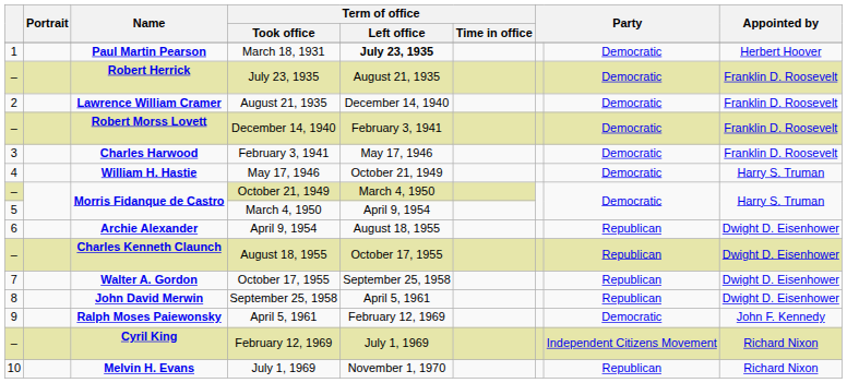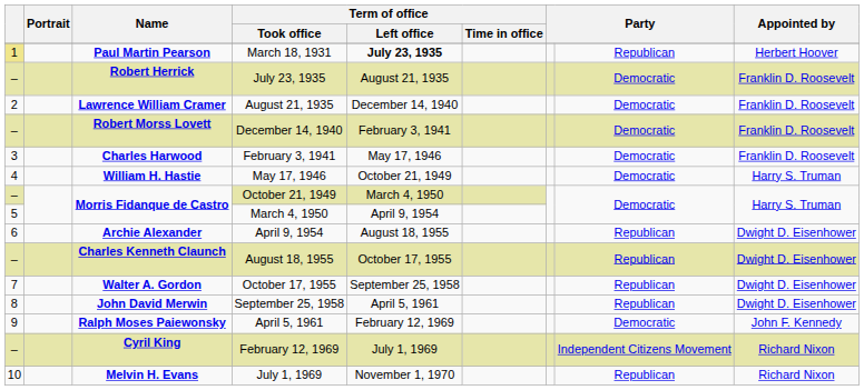 <table class="wikitable" style="text-align:center">
 <tr>
 <th rowspan=2></th>
 <th rowspan=2>Portrait</th>
 <th rowspan=2>Name<br></th>
 <th colspan=3>Term of office</th>
 <th colspan=2 rowspan=2>Party</th>
 <th rowspan=2>Appointed by</th>
 </tr>
 <tr>
 <th>Took office</th>
 <th>Left office</th>
 <th>Time in office</th>
 </tr>
 <tr>
 </tr>
 <tr>
-<td>1</td>
+<td style="background: khaki;">1</td>
 <td></td>
 <td><strong><a href='#'>Paul Martin Pearson</a></strong><br></td>
 <td>March 18, 1931</td>
 <td><strong>July 23, 1935</strong></td>
 <td></td>
 <td style="background: "> </td>
-<td><a href='#'>Democratic</a></td>
+<td><a href='#'>Republican</a></td>
 <td><a href='#'>Herbert Hoover</a></td>
 </tr>
 <tr style="background:#e6e6aa;">
 <td>–</td>
 <td></td>
 <td><strong><a href='#'>Robert Herrick</a></strong><br> <br> </td>
 <td>July 23, 1935</td>
 <td>August 21, 1935</td>
 <td></td>
 <td style="background: "> </td>
 <td><a href='#'>Democratic</a></td>
 <td><a href='#'>Franklin D. Roosevelt</a></td>
 </tr>
 <tr>
 <td>2</td>
 <td></td>
 <td><strong><a href='#'>Lawrence William Cramer</a></strong><br></td>
 <td>August 21, 1935</td>
 <td>December 14, 1940</td>
 <td></td>
 <td style="background: "> </td>
 <td><a href='#'>Democratic</a></td>
 <td><a href='#'>Franklin D. Roosevelt</a></td>
 </tr>
 <tr style="background:#e6e6aa;">
 <td>–</td>
 <td></td>
 <td><strong><a href='#'>Robert Morss Lovett</a></strong><br> <br> </td>
 <td>December 14, 1940</td>
 <td>February 3, 1941</td>
 <td></td>
 <td style="background: "> </td>
 <td><a href='#'>Democratic</a></td>
 <td><a href='#'>Franklin D. Roosevelt</a></td>
 </tr>
 <tr>
 <td>3</td>
 <td></td>
 <td><strong><a href='#'>Charles Harwood</a></strong><br></td>
 <td>February 3, 1941</td>
 <td>May 17, 1946</td>
 <td></td>
 <td style="background: "> </td>
 <td><a href='#'>Democratic</a></td>
 <td><a href='#'>Franklin D. Roosevelt</a></td>
 </tr>
 <tr>
 <td>4</td>
 <td></td>
 <td><strong><a href='#'>William H. Hastie</a></strong><br></td>
 <td>May 17, 1946</td>
 <td>October 21, 1949</td>
 <td></td>
 <td style="background: "> </td>
 <td><a href='#'>Democratic</a></td>
 <td><a href='#'>Harry S. Truman</a></td>
 </tr>
 <tr>
 <td style="background:#e6e6aa;">–</td>
 <td rowspan=2></td>
 <td rowspan=2><strong><a href='#'>Morris Fidanque de Castro</a></strong><br></td>
 <td style="background:#e6e6aa;">October 21, 1949</td>
 <td style="background:#e6e6aa;">March 4, 1950</td>
 <td style="background:#e6e6aa;"></td>
 <td rowspan=2 style="background: "> </td>
 <td rowspan=2><a href='#'>Democratic</a></td>
 <td rowspan=2><a href='#'>Harry S. Truman</a></td>
 </tr>
 <tr>
 <td>5</td>
 <td>March 4, 1950</td>
 <td>April 9, 1954</td>
 <td></td>
 </tr>
 <tr>
 <td>6</td>
 <td></td>
 <td><strong><a href='#'>Archie Alexander</a></strong><br></td>
 <td>April 9, 1954</td>
 <td>August 18, 1955</td>
 <td></td>
 <td style="background: "> </td>
 <td><a href='#'>Republican</a></td>
 <td><a href='#'>Dwight D. Eisenhower</a></td>
 </tr>
 <tr style="background:#e6e6aa;">
 <td>–</td>
 <td></td>
 <td><strong><a href='#'>Charles Kenneth Claunch</a></strong><br> <br> </td>
 <td>August 18, 1955</td>
 <td>October 17, 1955</td>
 <td></td>
 <td style="background: "> </td>
 <td><a href='#'>Republican</a></td>
 <td><a href='#'>Dwight D. Eisenhower</a></td>
 </tr>
 <tr>
 <td>7</td>
 <td></td>
 <td><strong><a href='#'>Walter A. Gordon</a></strong><br></td>
 <td>October 17, 1955</td>
 <td>September 25, 1958</td>
 <td></td>
 <td style="background: "> </td>
 <td><a href='#'>Republican</a></td>
 <td><a href='#'>Dwight D. Eisenhower</a></td>
 </tr>
 <tr>
 <td>8</td>
 <td></td>
 <td><strong><a href='#'>John David Merwin</a></strong><br></td>
 <td>September 25, 1958</td>
 <td>April 5, 1961</td>
 <td></td>
 <td style="background: "> </td>
 <td><a href='#'>Republican</a></td>
 <td><a href='#'>Dwight D. Eisenhower</a></td>
 </tr>
 <tr>
 <td>9</td>
 <td></td>
 <td><strong><a href='#'>Ralph Moses Paiewonsky</a></strong><br></td>
 <td>April 5, 1961</td>
 <td>February 12, 1969</td>
 <td></td>
 <td style="background: "> </td>
 <td><a href='#'>Democratic</a></td>
 <td><a href='#'>John F. Kennedy</a></td>
 </tr>
 <tr style="background:#e6e6aa;">
 <td>–</td>
 <td></td>
 <td><strong><a href='#'>Cyril King</a></strong><br> <br></td>
 <td>February 12, 1969</td>
 <td>July 1, 1969</td>
 <td></td>
 <td style="background: "> </td>
 <td><a href='#'>Independent Citizens Movement</a></td>
 <td><a href='#'>Richard Nixon</a></td>
 </tr>
 <tr>
 <td>10</td>
 <td></td>
 <td><strong><a href='#'>Melvin H. Evans</a></strong><br></td>
 <td>July 1, 1969</td>
 <td>November 1, 1970</td>
 <td></td>
 <td style="background: "> </td>
 <td><a href='#'>Republican</a></td>
 <td><a href='#'>Richard Nixon</a></td>
 </tr>
 </table>
